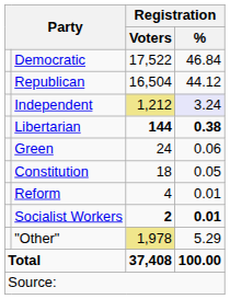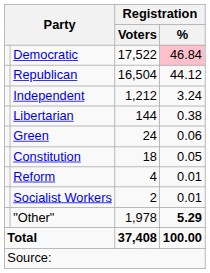 <table class="wikitable">
 <tr>
 <th colspan="2" rowspan="2">Party</th>
 <th colspan="2">Registration</th>
 </tr>
 <tr>
 <th>Voters</th>
 <th>%</th>
 </tr>
 <tr>
 <td style="background-color:"></td>
 <td><a href='#'>Democratic</a></td>
 <td style="text-align:right;">17,522</td>
-<td style="text-align:right;">46.84</td>
+<td style="background: pink; text-align:right;">46.84</td>
 </tr>
 <tr>
 <td style="background-color:"></td>
 <td><a href='#'>Republican</a></td>
 <td style="text-align:right;">16,504</td>
 <td style="text-align:right;">44.12</td>
 </tr>
 <tr>
 <td style="background-color:"></td>
 <td><a href='#'>Independent</a></td>
-<td style="background: khaki; text-align:right;">1,212</td>
-<td style="background: lavender; text-align:right;">3.24</td>
+<td style="text-align:right;">1,212</td>
+<td style="text-align:right;">3.24</td>
 </tr>
 <tr>
 <td style="background-color:"></td>
 <td><a href='#'>Libertarian</a></td>
-<td style="text-align:right;"><strong>144</strong></td>
-<td style="text-align:right;"><strong>0.38</strong></td>
+<td style="text-align:right;">144</td>
+<td style="text-align:right;">0.38</td>
 </tr>
 <tr>
 <td style="background-color:"></td>
 <td><a href='#'>Green</a></td>
 <td style="text-align:right;">24</td>
 <td style="text-align:right;">0.06</td>
 </tr>
 <tr>
 <td style="background-color:"></td>
 <td><a href='#'>Constitution</a></td>
 <td style="text-align:right;">18</td>
 <td style="text-align:right;">0.05</td>
 </tr>
 <tr>
 <td style="background-color:"></td>
 <td><a href='#'>Reform</a></td>
 <td style="text-align:right;">4</td>
 <td style="text-align:right;">0.01</td>
 </tr>
 <tr>
 <td style="background-color:"></td>
 <td><a href='#'>Socialist Workers</a></td>
-<td style="text-align:right;"><strong>2</strong></td>
-<td style="text-align:right;"><strong>0.01</strong></td>
+<td style="text-align:right;">2</td>
+<td style="text-align:right;">0.01</td>
 </tr>
 <tr>
 <td></td>
 <td>"Other"</td>
-<td style="background: khaki; text-align:right;">1,978</td>
-<td style="text-align:right;">5.29</td>
+<td style="text-align:right;">1,978</td>
+<td style="text-align:right;"><strong>5.29</strong></td>
 </tr>
 <tr>
 <td colspan="2"><strong>Total</strong></td>
 <td style="text-align:right;"><strong>37,408</strong></td>
 <td style="text-align:right;"><strong>100.00</strong></td>
 </tr>
 <tr>
 <td colspan="4">Source: <em></em></td>
 </tr>
 </table>
